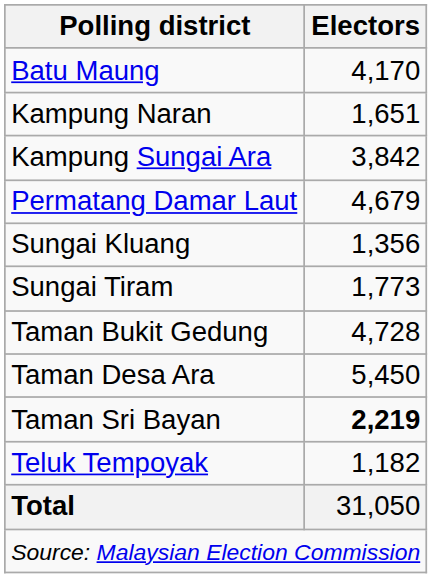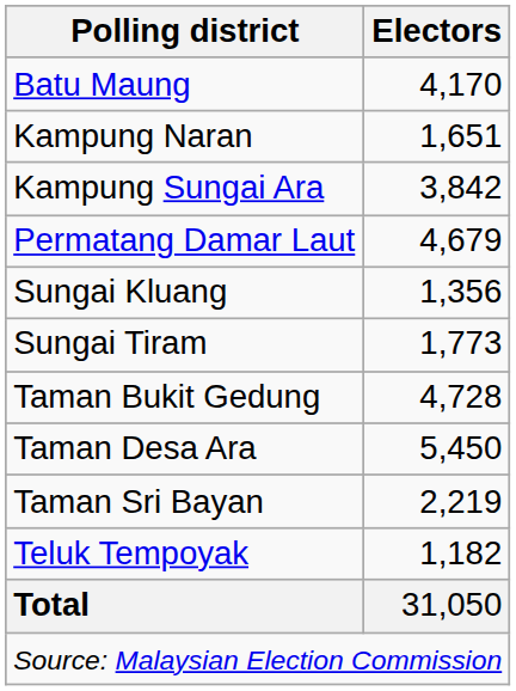 <table class="wikitable sortable">
 <tr>
 <th>Polling district</th>
 <th>Electors</th>
 </tr>
 <tr>
 <td><a href='#'>Batu Maung</a></td>
 <td align="right">4,170</td>
 </tr>
 <tr>
 <td>Kampung Naran</td>
 <td align="right">1,651</td>
 </tr>
 <tr>
 <td>Kampung <a href='#'>Sungai Ara</a></td>
 <td align="right">3,842</td>
 </tr>
 <tr>
 <td><a href='#'>Permatang Damar Laut</a></td>
 <td align="right">4,679</td>
 </tr>
 <tr>
 <td>Sungai Kluang</td>
 <td align="right">1,356</td>
 </tr>
 <tr>
 <td>Sungai Tiram</td>
 <td align="right">1,773</td>
 </tr>
 <tr>
 <td>Taman Bukit Gedung</td>
 <td align="right">4,728</td>
 </tr>
 <tr>
 <td>Taman Desa Ara</td>
 <td align="right">5,450</td>
 </tr>
 <tr>
 <td>Taman Sri Bayan</td>
-<td align="right"><strong>2,219</strong></td>
+<td align="right">2,219</td>
 </tr>
 <tr>
 <td><a href='#'>Teluk Tempoyak</a></td>
 <td align="right">1,182</td>
 </tr>
 <tr>
 <td style="background: #f2f2f2"><strong>Total</strong></td>
 <td style="background: #f2f2f2" align="right">31,050</td>
 </tr>
 <tr>
 <td colspan="2" align="right"><small><em>Source: <a href='#'>Malaysian Election Commission</a></em></small></td>
 </tr>
 </table>
